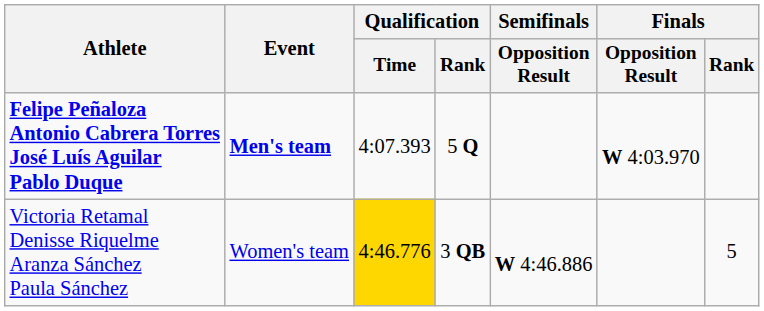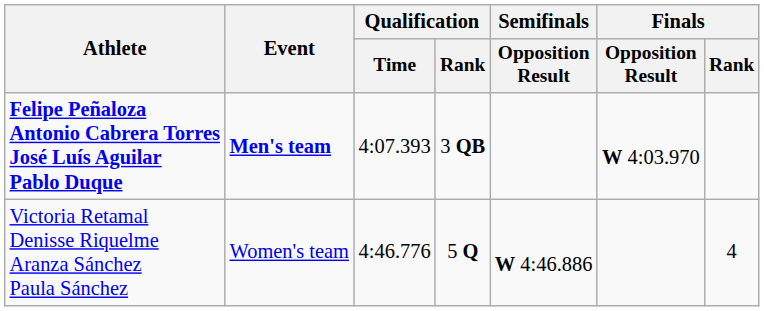 <table class=wikitable style="font-size:90%;">
 <tr>
 <th rowspan=2>Athlete</th>
 <th rowspan=2>Event</th>
 <th colspan=2>Qualification</th>
 <th>Semifinals</th>
 <th colspan=2>Finals</th>
 </tr>
 <tr style="font-size:95%">
 <th>Time</th>
 <th>Rank</th>
 <th>Opposition<br>Result</th>
 <th>Opposition<br>Result</th>
 <th>Rank</th>
 </tr>
 <tr align=center>
 <td align=left><strong><a href='#'>Felipe Peñaloza</a><br><a href='#'>Antonio Cabrera Torres</a><br><a href='#'>José Luís Aguilar</a><br><a href='#'>Pablo Duque</a></strong></td>
 <td align=left><strong><a href='#'>Men's team</a></strong></td>
 <td>4:07.393</td>
-<td>5 <strong>Q</strong></td>
+<td>3 <strong>QB</strong></td>
 <td></td>
 <td><br><strong>W</strong> 4:03.970</td>
 <td></td>
 </tr>
 <tr align=center>
 <td align=left><a href='#'>Victoria Retamal</a><br><a href='#'>Denisse Riquelme</a><br><a href='#'>Aranza Sánchez</a><br><a href='#'>Paula Sánchez</a></td>
 <td align=left><a href='#'>Women's team</a></td>
-<td style="background: gold;">4:46.776</td>
-<td>3 <strong>QB</strong></td>
+<td>4:46.776</td>
+<td>5 <strong>Q</strong></td>
 <td><br><strong>W</strong> 4:46.886</td>
 <td></td>
-<td>5</td>
+<td>4</td>
 </tr>
 </table>
